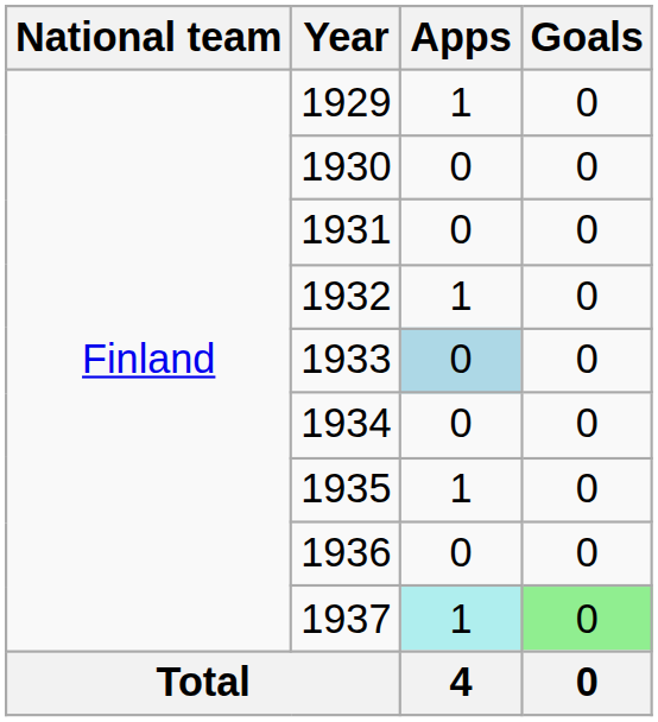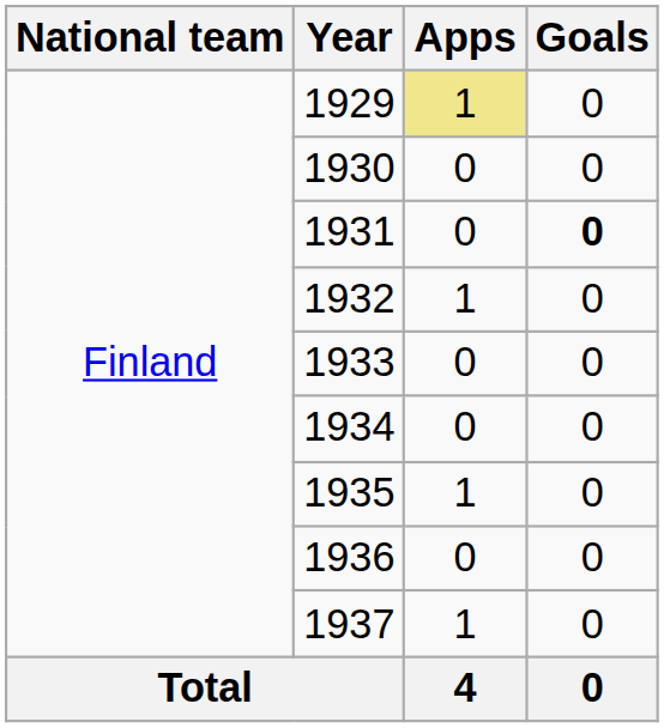 <table class="wikitable" style="text-align:center">
 <tr>
 <th>National team</th>
 <th>Year</th>
 <th>Apps</th>
 <th>Goals</th>
 </tr>
 <tr>
 <td rowspan="9"><a href='#'>Finland</a></td>
 <td>1929</td>
-<td>1</td>
+<td style="background: khaki;">1</td>
 <td>0</td>
 </tr>
 <tr>
 <td>1930</td>
 <td>0</td>
 <td>0</td>
 </tr>
 <tr>
 <td>1931</td>
 <td>0</td>
-<td>0</td>
+<td><strong>0</strong></td>
 </tr>
 <tr>
 <td>1932</td>
 <td>1</td>
 <td>0</td>
 </tr>
 <tr>
 <td>1933</td>
-<td style="background: lightblue;">0</td>
+<td>0</td>
 <td>0</td>
 </tr>
 <tr>
 <td>1934</td>
 <td>0</td>
 <td>0</td>
 </tr>
 <tr>
 <td>1935</td>
 <td>1</td>
 <td>0</td>
 </tr>
 <tr>
 <td>1936</td>
 <td>0</td>
 <td>0</td>
 </tr>
 <tr>
 <td>1937</td>
-<td style="background: paleturquoise;">1</td>
-<td style="background: lightgreen;">0</td>
+<td>1</td>
+<td>0</td>
 </tr>
 <tr>
 <th colspan=2>Total</th>
 <th>4</th>
 <th>0</th>
 </tr>
 </table>
